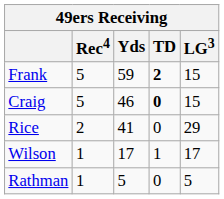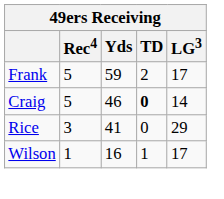 <table class="wikitable">
 <tr>
 <th colspan="5">49ers Receiving</th>
 </tr>
 <tr>
 <th></th>
 <th>Rec<sup>4</sup></th>
 <th>Yds</th>
 <th>TD</th>
 <th>LG<sup>3</sup></th>
 </tr>
 <tr>
 <td><a href='#'>Frank</a></td>
 <td>5</td>
 <td>59</td>
-<td><strong>2</strong></td>
-<td>15</td>
+<td>2</td>
+<td>17</td>
 </tr>
 <tr>
 <td><a href='#'>Craig</a></td>
 <td>5</td>
 <td>46</td>
 <td><strong>0</strong></td>
-<td>15</td>
+<td>14</td>
 </tr>
 <tr>
 <td><a href='#'>Rice</a></td>
-<td>2</td>
+<td>3</td>
 <td>41</td>
 <td>0</td>
 <td>29</td>
 </tr>
 <tr>
 <td><a href='#'>Wilson</a></td>
 <td>1</td>
-<td>17</td>
+<td>16</td>
 <td>1</td>
 <td>17</td>
 </tr>
-<tr>
-<td><a href='#'>Rathman</a></td>
-<td>1</td>
-<td>5</td>
-<td>0</td>
-<td>5</td>
-</tr>
 </table>
